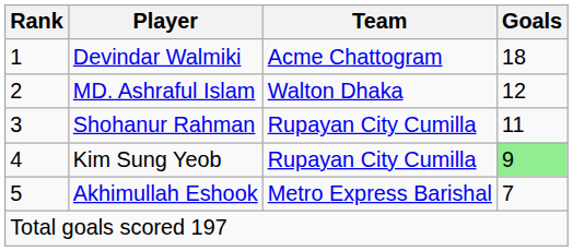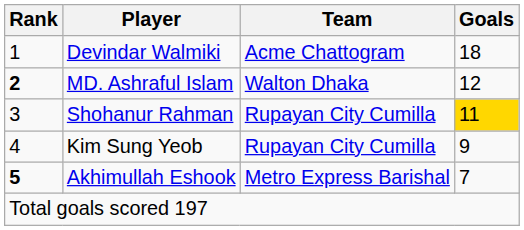 <table class="wikitable">
 <tr>
 <th>Rank</th>
 <th>Player</th>
 <th>Team</th>
 <th>Goals</th>
 </tr>
 <tr>
 <td>1</td>
 <td> <a href='#'>Devindar Walmiki</a></td>
 <td><a href='#'>Acme Chattogram</a></td>
 <td>18</td>
 </tr>
 <tr>
-<td>2</td>
+<td><strong>2</strong></td>
 <td> <a href='#'>MD. Ashraful Islam</a></td>
 <td><a href='#'>Walton Dhaka</a></td>
 <td>12</td>
 </tr>
 <tr>
 <td>3</td>
 <td> <a href='#'>Shohanur Rahman</a></td>
 <td><a href='#'>Rupayan City Cumilla</a></td>
-<td>11</td>
+<td style="background: gold;">11</td>
 </tr>
 <tr>
 <td>4</td>
 <td>Kim Sung Yeob</td>
 <td><a href='#'>Rupayan City Cumilla</a></td>
-<td style="background: lightgreen;">9</td>
+<td>9</td>
 </tr>
 <tr>
-<td>5</td>
+<td><strong>5</strong></td>
 <td> <a href='#'>Akhimullah Eshook</a></td>
 <td><a href='#'>Metro Express Barishal</a></td>
 <td>7</td>
 </tr>
 <tr>
 <td colspan="4">Total goals scored 197</td>
 </tr>
 </table>
